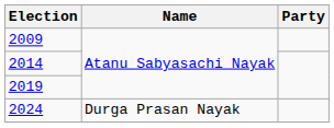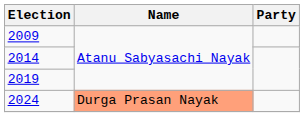 <table class="wikitable sortable">
 <tr>
 <th>Election</th>
 <th>Name</th>
 <th colspan=2>Party</th>
 </tr>
 <tr>
 <td><a href='#'>2009</a></td>
 <td rowspan=3><a href='#'>Atanu Sabyasachi Nayak</a></td>
 <td></td>
 </tr>
 <tr>
 <td><a href='#'>2014</a></td>
 </tr>
 <tr>
 <td><a href='#'>2019</a></td>
 </tr>
 <tr>
 <td><a href='#'>2024</a></td>
-<td>Durga Prasan Nayak</td>
+<td style="background: lightsalmon;">Durga Prasan Nayak</td>
 <td></td>
 </tr>
 <tr>
 </tr>
 </table>
